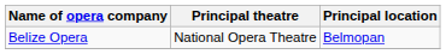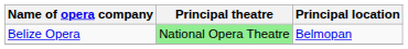 <table class="wikitable">
 <tr>
 <th>Name of <a href='#'>opera</a> company</th>
 <th>Principal theatre</th>
 <th>Principal location</th>
 </tr>
 <tr>
 <td><a href='#'>Belize Opera</a></td>
-<td>National Opera Theatre</td>
+<td style="background: lightgreen;">National Opera Theatre</td>
 <td><a href='#'>Belmopan</a></td>
 </tr>
 <tr>
 </tr>
 </table>
